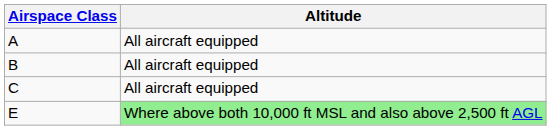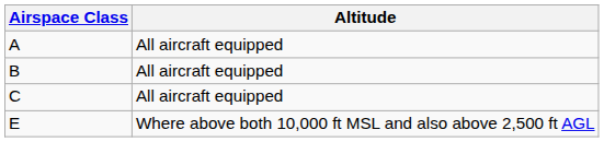 <table class="wikitable">
 <tr>
 <th><a href='#'>Airspace Class</a></th>
 <th>Altitude</th>
 </tr>
 <tr>
 <td>A</td>
 <td>All aircraft equipped</td>
 </tr>
 <tr>
 <td>B</td>
 <td>All aircraft equipped</td>
 </tr>
 <tr>
 <td>C</td>
 <td>All aircraft equipped</td>
 </tr>
 <tr>
 <td>E</td>
-<td style="background: lightgreen;">Where above both 10,000 ft MSL and also above 2,500 ft <a href='#'>AGL</a></td>
+<td>Where above both 10,000 ft MSL and also above 2,500 ft <a href='#'>AGL</a></td>
 </tr>
 </table>
